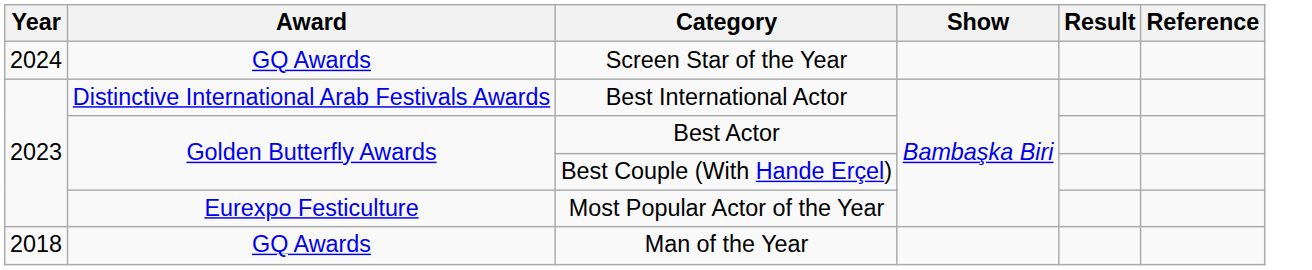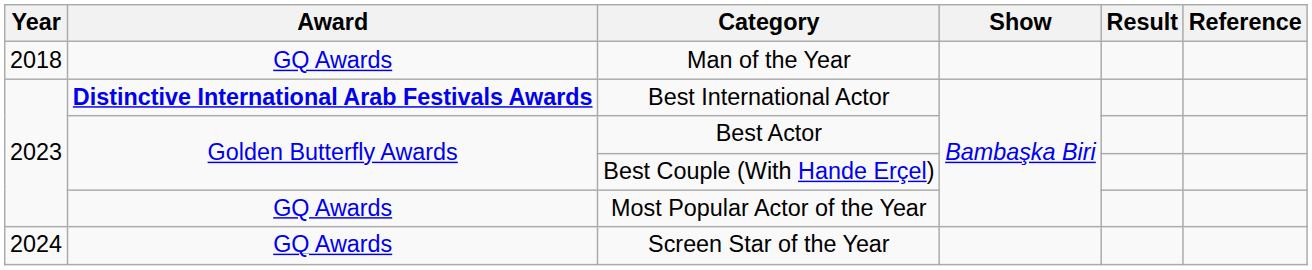 <table class="wikitable" style="text-align:center;">
 <tr>
 <th>Year</th>
 <th>Award</th>
 <th>Category</th>
 <th>Show</th>
 <th>Result</th>
 <th>Reference</th>
 </tr>
 <tr>
-<td>2024</td>
+<td>2018</td>
 <td><a href='#'>GQ Awards</a></td>
-<td>Screen Star of the Year</td>
+<td>Man of the Year</td>
 <td></td>
 <td></td>
 <td></td>
 </tr>
 <tr>
 <td rowspan=4>2023</td>
-<td><a href='#'>Distinctive International Arab Festivals Awards</a></td>
+<td><strong><a href='#'>Distinctive International Arab Festivals Awards</a></strong></td>
 <td>Best International Actor</td>
 <td rowspan=4><em><a href='#'>Bambaşka Biri</a></em></td>
 <td></td>
 <td></td>
 </tr>
 <tr>
 <td rowspan=2><a href='#'>Golden Butterfly Awards</a></td>
 <td>Best Actor</td>
 <td></td>
 <td></td>
 </tr>
 <tr>
 <td>Best Couple (With <a href='#'>Hande Erçel</a>)</td>
 <td></td>
 <td></td>
 </tr>
 <tr>
-<td><a href='#'>Eurexpo Festiculture</a></td>
+<td><a href='#'>GQ Awards</a></td>
 <td>Most Popular Actor of the Year</td>
 <td></td>
 <td></td>
 </tr>
 <tr>
-<td>2018</td>
+<td>2024</td>
 <td><a href='#'>GQ Awards</a></td>
-<td>Man of the Year</td>
+<td>Screen Star of the Year</td>
 <td></td>
 <td></td>
 <td></td>
 </tr>
 </table>
